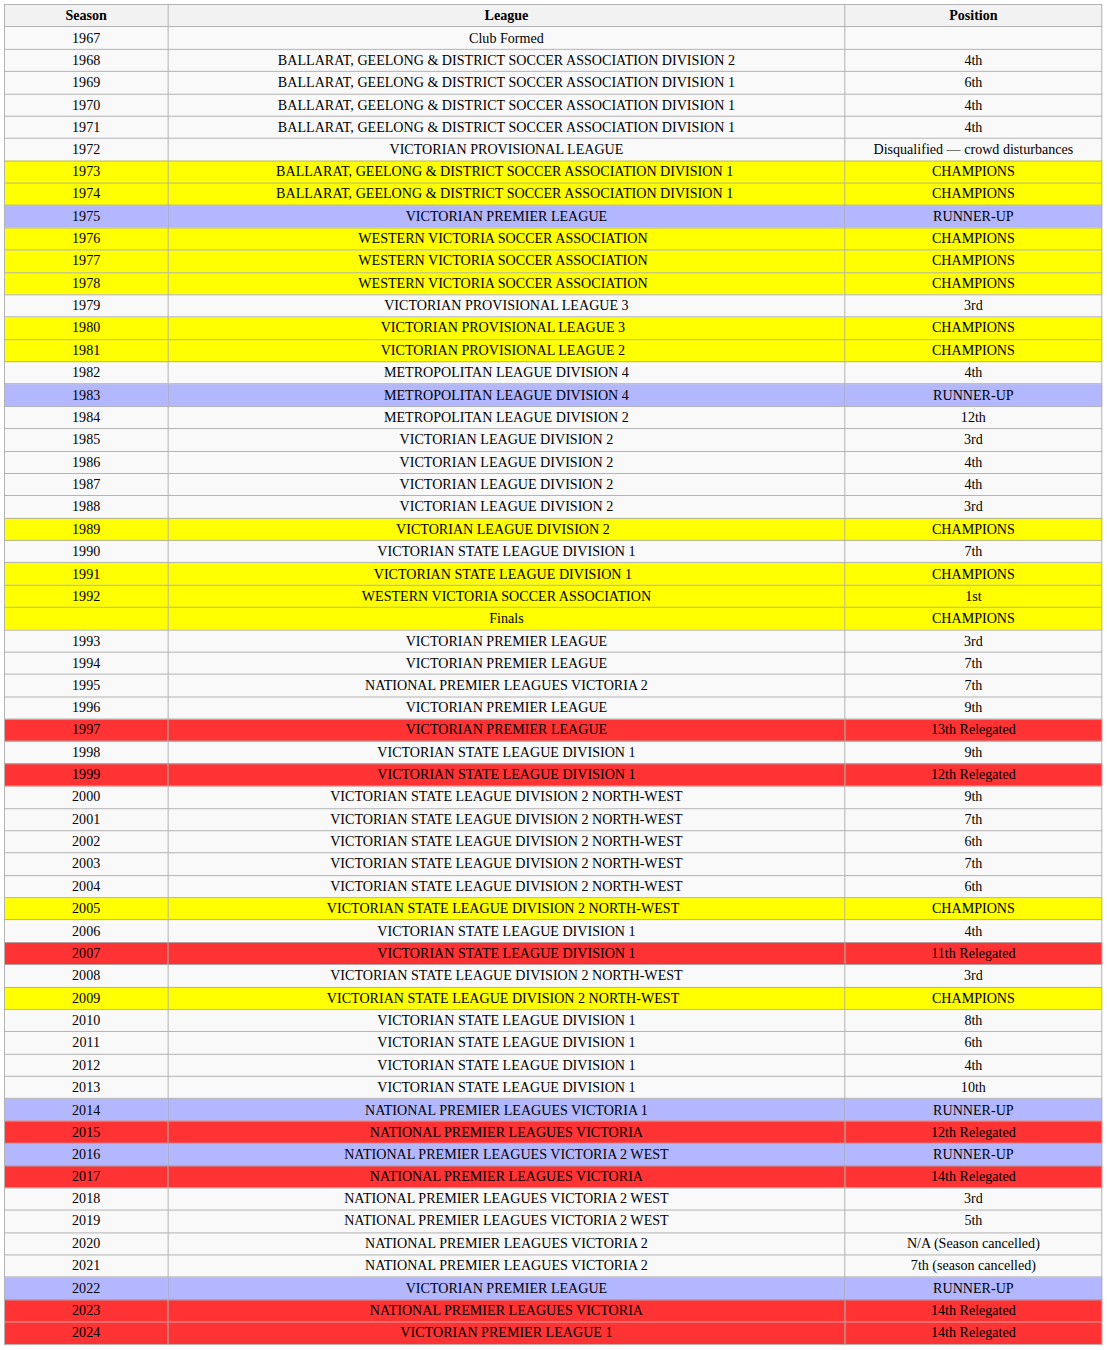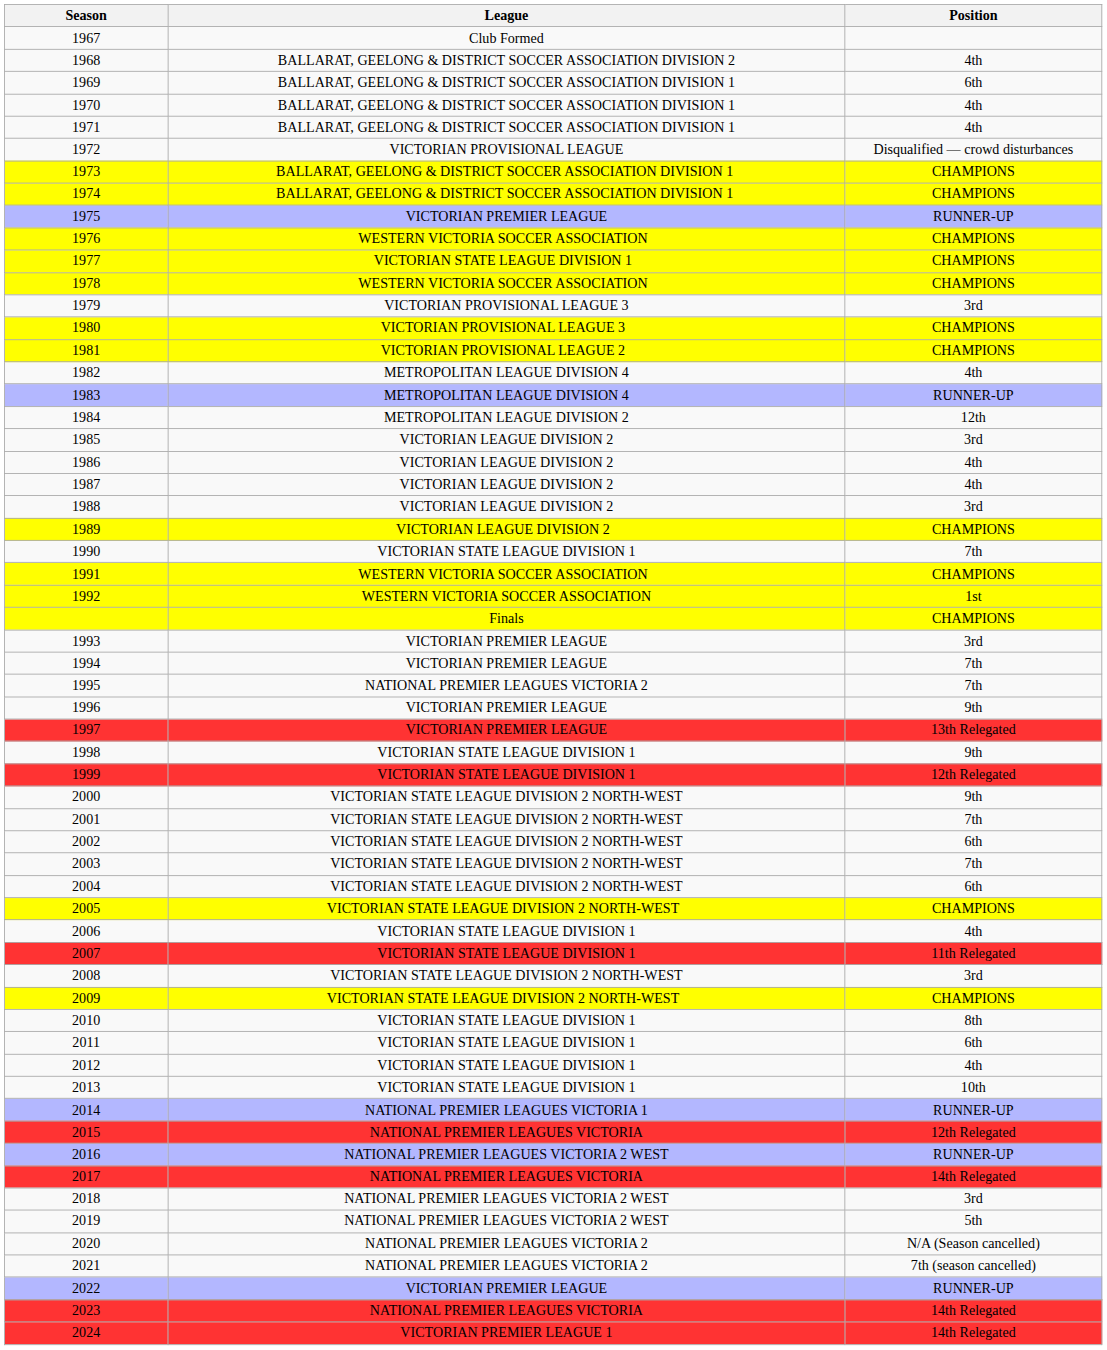 <table class="wikitable sortable " style="text-align:center;">
 <tr>
 <th style="width:7%;">Season</th>
 <th style="width:29%;">League</th>
 <th style="width:11%;">Position</th>
 </tr>
 <tr style="text-align:center;">
 <td>1967</td>
 <td>Club Formed</td>
 <td></td>
 </tr>
 <tr style="text-align:center;">
 <td>1968</td>
 <td>BALLARAT, GEELONG & DISTRICT SOCCER ASSOCIATION DIVISION 2</td>
 <td>4th</td>
 </tr>
 <tr style="text-align:center;">
 <td>1969</td>
 <td>BALLARAT, GEELONG & DISTRICT SOCCER ASSOCIATION DIVISION 1</td>
 <td>6th</td>
 </tr>
 <tr style="text-align:center;">
 <td>1970</td>
 <td>BALLARAT, GEELONG & DISTRICT SOCCER ASSOCIATION DIVISION 1</td>
 <td>4th</td>
 </tr>
 <tr style="text-align:center;">
 <td>1971</td>
 <td>BALLARAT, GEELONG & DISTRICT SOCCER ASSOCIATION DIVISION 1</td>
 <td>4th</td>
 </tr>
 <tr style="text-align:center;">
 <td>1972</td>
 <td>VICTORIAN PROVISIONAL LEAGUE</td>
 <td>Disqualified — crowd disturbances</td>
 </tr>
 <tr style="text-align:center; background:#FFFF00;">
 <td>1973</td>
 <td>BALLARAT, GEELONG & DISTRICT SOCCER ASSOCIATION DIVISION 1 </td>
 <td>CHAMPIONS</td>
 </tr>
 <tr style="text-align:center; background:#FFFF00;">
 <td>1974</td>
 <td>BALLARAT, GEELONG & DISTRICT SOCCER ASSOCIATION DIVISION 1 </td>
 <td>CHAMPIONS</td>
 </tr>
 <tr style="text-align:center; background:#b3b7ff;">
 <td>1975</td>
 <td>VICTORIAN PREMIER LEAGUE</td>
 <td>RUNNER-UP</td>
 </tr>
 <tr style="text-align:center; background:#FFFF00;">
 <td>1976</td>
 <td>WESTERN VICTORIA SOCCER ASSOCIATION  </td>
 <td>CHAMPIONS</td>
 </tr>
 <tr style="text-align:center; background:#FFFF00;">
 <td>1977</td>
-<td>WESTERN VICTORIA SOCCER ASSOCIATION  </td>
+<td>VICTORIAN STATE LEAGUE DIVISION 1  </td>
 <td>CHAMPIONS</td>
 </tr>
 <tr style="text-align:center; background:#FFFF00;">
 <td>1978</td>
 <td>WESTERN VICTORIA SOCCER ASSOCIATION  </td>
 <td>CHAMPIONS</td>
 </tr>
 <tr style="text-align:center;">
 <td>1979</td>
 <td>VICTORIAN PROVISIONAL LEAGUE 3</td>
 <td>3rd</td>
 </tr>
 <tr style="text-align:center; background:#FFFF00;">
 <td>1980</td>
 <td>VICTORIAN PROVISIONAL LEAGUE 3  </td>
 <td>CHAMPIONS</td>
 </tr>
 <tr style="text-align:center; background:#FFFF00;">
 <td>1981</td>
 <td>VICTORIAN PROVISIONAL LEAGUE 2  </td>
 <td>CHAMPIONS</td>
 </tr>
 <tr style="text-align:center;">
 <td>1982</td>
 <td>METROPOLITAN LEAGUE DIVISION 4</td>
 <td>4th</td>
 </tr>
 <tr style="text-align:center; background:#b3b7ff;">
 <td>1983</td>
 <td>METROPOLITAN LEAGUE DIVISION 4</td>
 <td>RUNNER-UP</td>
 </tr>
 <tr style="text-align:center;">
 <td>1984</td>
 <td>METROPOLITAN LEAGUE DIVISION 2</td>
 <td>12th</td>
 </tr>
 <tr style="text-align:center;">
 <td>1985</td>
 <td>VICTORIAN LEAGUE DIVISION 2</td>
 <td>3rd</td>
 </tr>
 <tr style="text-align:center;">
 <td>1986</td>
 <td>VICTORIAN LEAGUE DIVISION 2</td>
 <td>4th</td>
 </tr>
 <tr style="text-align:center;">
 <td>1987</td>
 <td>VICTORIAN LEAGUE DIVISION 2</td>
 <td>4th</td>
 </tr>
 <tr style="text-align:center;">
 <td>1988</td>
 <td>VICTORIAN LEAGUE DIVISION 2</td>
 <td>3rd</td>
 </tr>
 <tr style="text-align:center; background:#FFFF00;">
 <td>1989</td>
 <td>VICTORIAN LEAGUE DIVISION 2  </td>
 <td>CHAMPIONS</td>
 </tr>
 <tr style="text-align:center;">
 <td>1990</td>
 <td>VICTORIAN STATE LEAGUE DIVISION 1</td>
 <td>7th</td>
 </tr>
 <tr style="text-align:center; background:#FFFF00;">
 <td>1991</td>
-<td>VICTORIAN STATE LEAGUE DIVISION 1  </td>
+<td>WESTERN VICTORIA SOCCER ASSOCIATION  </td>
 <td>CHAMPIONS</td>
 </tr>
 <tr style="text-align:center; background:#FFFF00;">
 <td>1992</td>
 <td>WESTERN VICTORIA SOCCER ASSOCIATION</td>
 <td>1st</td>
 </tr>
 <tr style="text-align:center; background:#FFFF00;">
 <td></td>
 <td>Finals</td>
 <td>CHAMPIONS</td>
 </tr>
 <tr style="text-align:center;">
 <td>1993</td>
 <td>VICTORIAN PREMIER LEAGUE</td>
 <td>3rd</td>
 </tr>
 <tr style="text-align:center;">
 <td>1994</td>
 <td>VICTORIAN PREMIER LEAGUE</td>
 <td>7th</td>
 </tr>
 <tr style="text-align:center;">
 <td>1995</td>
 <td>NATIONAL PREMIER LEAGUES VICTORIA 2</td>
 <td>7th</td>
 </tr>
 <tr style="text-align:center;">
 <td>1996</td>
 <td>VICTORIAN PREMIER LEAGUE</td>
 <td>9th</td>
 </tr>
 <tr style="text-align:center; background:#FF3333;">
 <td>1997</td>
 <td>VICTORIAN PREMIER LEAGUE</td>
 <td>13th Relegated</td>
 </tr>
 <tr style="text-align:center;">
 <td>1998</td>
 <td>VICTORIAN STATE LEAGUE DIVISION 1</td>
 <td>9th</td>
 </tr>
 <tr style="text-align:center; background:#FF3333;">
 <td>1999</td>
 <td>VICTORIAN STATE LEAGUE DIVISION 1</td>
 <td>12th Relegated</td>
 </tr>
 <tr style="text-align:center;">
 <td>2000</td>
 <td>VICTORIAN STATE LEAGUE DIVISION 2 NORTH-WEST</td>
 <td>9th</td>
 </tr>
 <tr style="text-align:center;">
 <td>2001</td>
 <td>VICTORIAN STATE LEAGUE DIVISION 2 NORTH-WEST</td>
 <td>7th</td>
 </tr>
 <tr style="text-align:center;">
 <td>2002</td>
 <td>VICTORIAN STATE LEAGUE DIVISION 2 NORTH-WEST</td>
 <td>6th</td>
 </tr>
 <tr style="text-align:center;">
 <td>2003</td>
 <td>VICTORIAN STATE LEAGUE DIVISION 2 NORTH-WEST</td>
 <td>7th</td>
 </tr>
 <tr style="text-align:center;">
 <td>2004</td>
 <td>VICTORIAN STATE LEAGUE DIVISION 2 NORTH-WEST</td>
 <td>6th</td>
 </tr>
 <tr style="text-align:center; background:#FFFF00;">
 <td>2005</td>
 <td>VICTORIAN STATE LEAGUE DIVISION 2 NORTH-WEST  </td>
 <td>CHAMPIONS</td>
 </tr>
 <tr style="text-align:center;">
 <td>2006</td>
 <td>VICTORIAN STATE LEAGUE DIVISION 1</td>
 <td>4th</td>
 </tr>
 <tr style="text-align:center; background:#FF3333;">
 <td>2007</td>
 <td>VICTORIAN STATE LEAGUE DIVISION 1</td>
 <td>11th Relegated</td>
 </tr>
 <tr style="text-align:center;">
 <td>2008</td>
 <td>VICTORIAN STATE LEAGUE DIVISION 2 NORTH-WEST</td>
 <td>3rd</td>
 </tr>
 <tr style="text-align:center; background:#FFFF00;">
 <td>2009</td>
 <td>VICTORIAN STATE LEAGUE DIVISION 2 NORTH-WEST  </td>
 <td>CHAMPIONS</td>
 </tr>
 <tr style="text-align:center;">
 <td>2010</td>
 <td>VICTORIAN STATE LEAGUE DIVISION 1</td>
 <td>8th</td>
 </tr>
 <tr style="text-align:center;">
 <td>2011</td>
 <td>VICTORIAN STATE LEAGUE DIVISION 1</td>
 <td>6th</td>
 </tr>
 <tr style="text-align:center;">
 <td>2012</td>
 <td>VICTORIAN STATE LEAGUE DIVISION 1</td>
 <td>4th</td>
 </tr>
 <tr style="text-align:center;">
 <td>2013</td>
 <td>VICTORIAN STATE LEAGUE DIVISION 1</td>
 <td>10th</td>
 </tr>
 <tr style="text-align:center; background:#b3b7ff;">
 <td>2014</td>
 <td>NATIONAL PREMIER LEAGUES VICTORIA 1</td>
 <td>RUNNER-UP</td>
 </tr>
 <tr style="text-align:center; background:#FF3333;">
 <td>2015</td>
 <td>NATIONAL PREMIER LEAGUES VICTORIA</td>
 <td>12th Relegated</td>
 </tr>
 <tr style="text-align:center; background:#b3b7ff;">
 <td>2016</td>
 <td>NATIONAL PREMIER LEAGUES VICTORIA 2 WEST</td>
 <td>RUNNER-UP</td>
 </tr>
 <tr style="text-align:center; background:#FF3333;">
 <td>2017</td>
 <td>NATIONAL PREMIER LEAGUES VICTORIA</td>
 <td>14th Relegated</td>
 </tr>
 <tr style="text-align:center;">
 <td>2018</td>
 <td>NATIONAL PREMIER LEAGUES VICTORIA 2 WEST</td>
 <td>3rd</td>
 </tr>
 <tr style="text-align:center;">
 <td>2019</td>
 <td>NATIONAL PREMIER LEAGUES VICTORIA 2 WEST</td>
 <td>5th</td>
 </tr>
 <tr style="text-align:center;">
 <td>2020</td>
 <td>NATIONAL PREMIER LEAGUES VICTORIA 2</td>
 <td>N/A (Season cancelled)</td>
 </tr>
 <tr style="text-align:center;">
 <td>2021</td>
 <td>NATIONAL PREMIER LEAGUES VICTORIA 2</td>
 <td>7th (season cancelled)</td>
 </tr>
 <tr style="text-align:center; background:#b3b7ff;">
 <td>2022</td>
 <td>VICTORIAN PREMIER LEAGUE</td>
 <td>RUNNER-UP</td>
 </tr>
 <tr style="text-align:center;">
 </tr>
 <tr style="text-align:center; background:#FF3333;">
 <td>2023</td>
 <td>NATIONAL PREMIER LEAGUES VICTORIA</td>
 <td>14th Relegated</td>
 </tr>
 <tr style="text-align:center; background:#FF3333;">
 <td>2024</td>
 <td>VICTORIAN PREMIER LEAGUE 1</td>
 <td>14th Relegated</td>
 </tr>
 </table>
